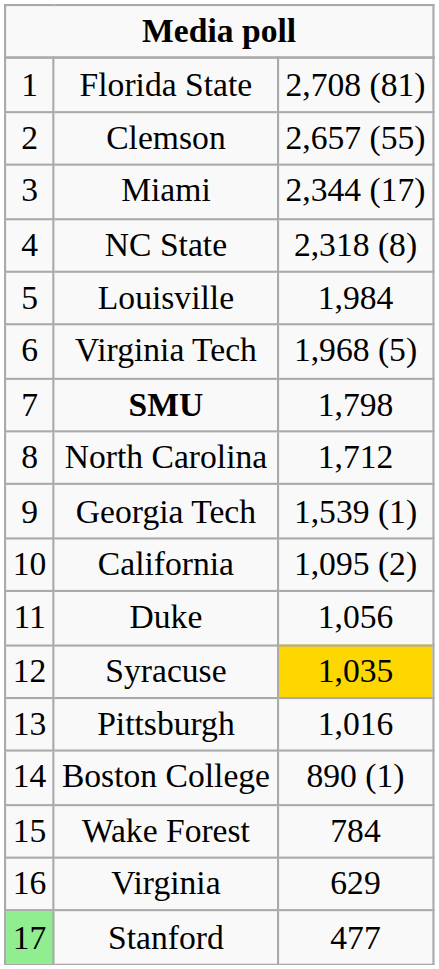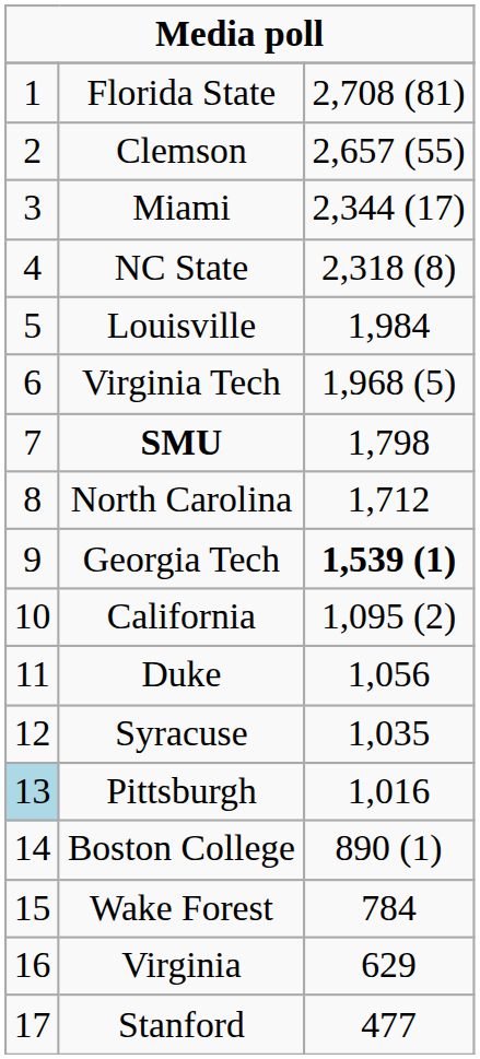 <table class="wikitable">
 <tr align="center">
 <td align="center" Colspan="3"><strong>Media poll</strong></td>
 </tr>
 <tr align="center">
 </tr>
 <tr align="center">
 <td>1</td>
 <td>Florida State</td>
 <td>2,708 (81)</td>
 </tr>
 <tr align="center">
 <td>2</td>
 <td>Clemson</td>
 <td>2,657 (55)</td>
 </tr>
 <tr align="center">
 <td>3</td>
 <td>Miami</td>
 <td>2,344 (17)</td>
 </tr>
 <tr align="center">
 <td>4</td>
 <td>NC State</td>
 <td>2,318 (8)</td>
 </tr>
 <tr align="center">
 <td>5</td>
 <td>Louisville</td>
 <td>1,984</td>
 </tr>
 <tr align="center">
 <td>6</td>
 <td>Virginia Tech</td>
 <td>1,968 (5)</td>
 </tr>
 <tr align="center">
 <td>7</td>
 <td><strong>SMU</strong></td>
 <td>1,798</td>
 </tr>
 <tr align="center">
 <td>8</td>
 <td>North Carolina</td>
 <td>1,712</td>
 </tr>
 <tr align="center">
 <td>9</td>
 <td>Georgia Tech</td>
-<td>1,539 (1)</td>
+<td><strong>1,539 (1)</strong></td>
 </tr>
 <tr align="center">
 <td>10</td>
 <td>California</td>
 <td>1,095 (2)</td>
 </tr>
 <tr align="center">
 <td>11</td>
 <td>Duke</td>
 <td>1,056</td>
 </tr>
 <tr align="center">
 <td>12</td>
 <td>Syracuse</td>
-<td style="background: gold;">1,035</td>
+<td>1,035</td>
 </tr>
 <tr align="center">
-<td>13</td>
+<td style="background: lightblue;">13</td>
 <td>Pittsburgh</td>
 <td>1,016</td>
 </tr>
 <tr align="center">
 <td>14</td>
 <td>Boston College</td>
 <td>890 (1)</td>
 </tr>
 <tr align="center">
 <td>15</td>
 <td>Wake Forest</td>
 <td>784</td>
 </tr>
 <tr align="center">
 <td>16</td>
 <td>Virginia</td>
 <td>629</td>
 </tr>
 <tr align="center">
-<td style="background: lightgreen;">17</td>
+<td>17</td>
 <td>Stanford</td>
 <td>477</td>
 </tr>
 </table>
